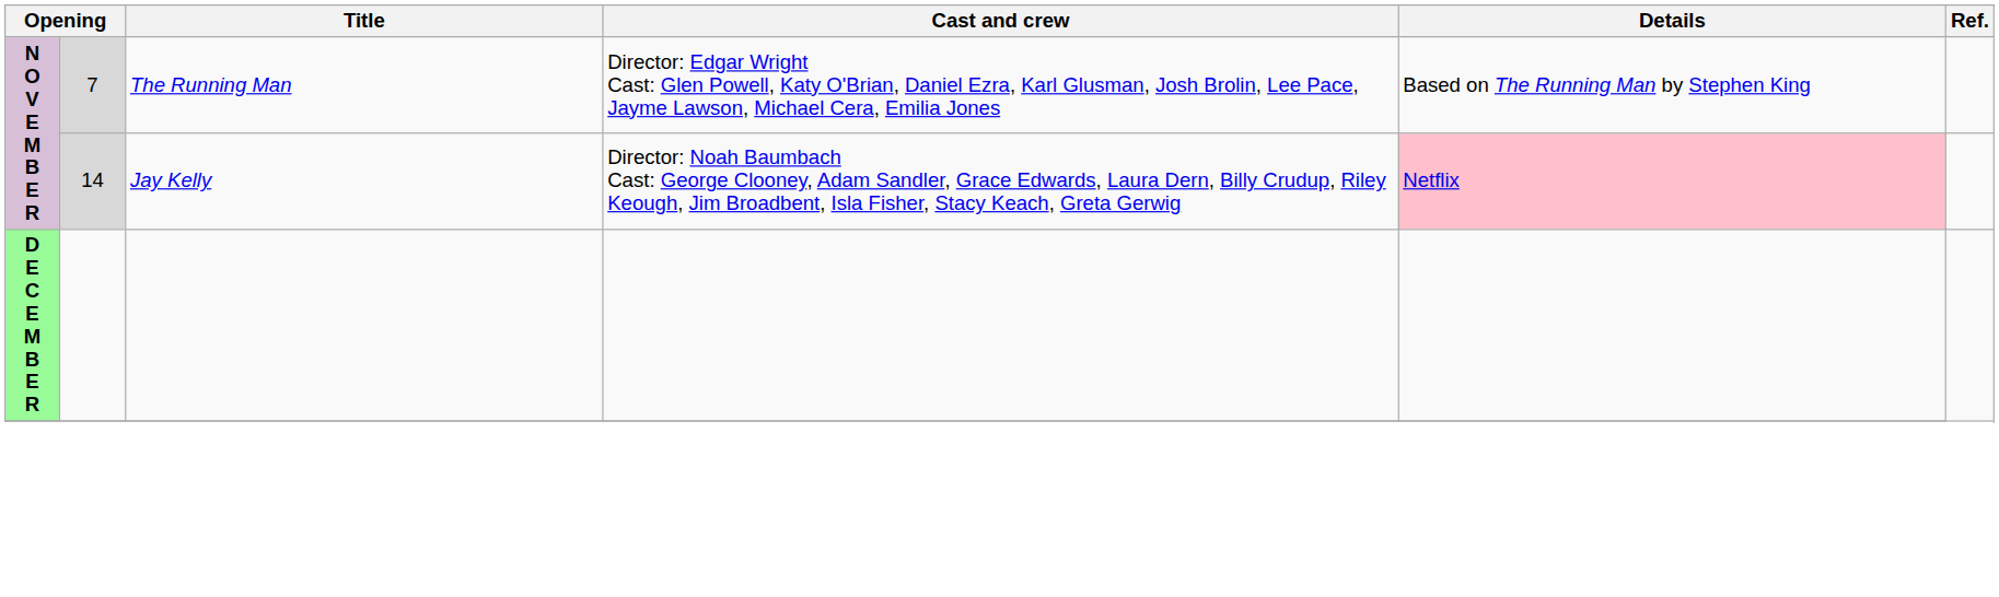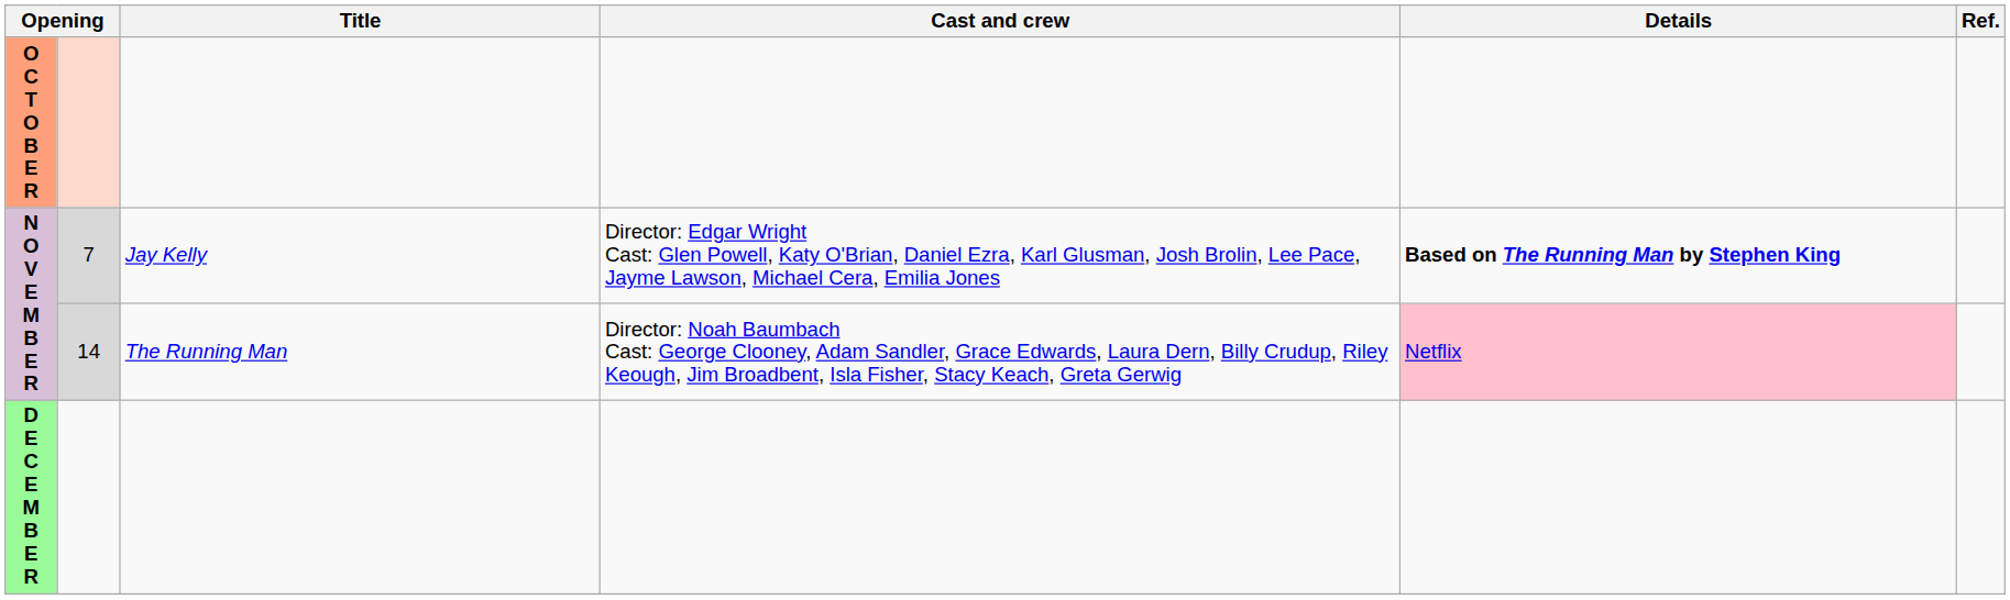 <table class="wikitable">
 <tr style="background:#b0e0e6; text-align:center;">
 <th colspan="2">Opening</th>
 <th style="width:24%;">Title</th>
 <th style="width:40%;">Cast and crew</th>
 <th>Details</th>
 <th style="width:2%;">Ref.</th>
 </tr>
 <tr>
+<th rowspan="1" style="text-align:center; background:#ffa07a; textcolor:#000;">O<br>C<br>T<br>O<br>B<br>E<br>R</th>
+<td rowspan="1" style="text-align:center; background:#ffdacc;"></td>
+<td></td>
+<td></td>
+<td></td>
+<td></td>
+</tr>
+<tr>
 <th rowspan="2" style="text-align:center; background:thistle; textcolor:#000;">N<br>O<br>V<br>E<br>M<br>B<br>E<br>R</th>
 <td rowspan="1" style="text-align:center; background:#d8d8d8;">7</td>
-<td><em><a href='#'>The Running Man</a></em></td>
+<td><em><a href='#'>Jay Kelly</a></em></td>
 <td>Director: <a href='#'>Edgar Wright</a> <br> Cast: <a href='#'>Glen Powell</a>, <a href='#'>Katy O'Brian</a>, <a href='#'>Daniel Ezra</a>, <a href='#'>Karl Glusman</a>, <a href='#'>Josh Brolin</a>, <a href='#'>Lee Pace</a>, <a href='#'>Jayme Lawson</a>, <a href='#'>Michael Cera</a>, <a href='#'>Emilia Jones</a></td>
-<td>Based on <em><a href='#'>The Running Man</a></em> by <a href='#'>Stephen King</a></td>
+<td><strong>Based on <em><a href='#'>The Running Man</a></em> by <a href='#'>Stephen King</a></strong></td>
 <td></td>
 </tr>
 <tr>
 <td rowspan="1" style="text-align:center; background:#d8d8d8;">14</td>
-<td><em><a href='#'>Jay Kelly</a></em></td>
+<td><em><a href='#'>The Running Man</a></em></td>
 <td>Director: <a href='#'>Noah Baumbach</a> <br> Cast: <a href='#'>George Clooney</a>, <a href='#'>Adam Sandler</a>, <a href='#'>Grace Edwards</a>, <a href='#'>Laura Dern</a>, <a href='#'>Billy Crudup</a>, <a href='#'>Riley Keough</a>, <a href='#'>Jim Broadbent</a>, <a href='#'>Isla Fisher</a>, <a href='#'>Stacy Keach</a>, <a href='#'>Greta Gerwig</a></td>
 <td style="background: pink;"><a href='#'>Netflix</a></td>
 <td></td>
 </tr>
 <tr>
 <th rowspan="1" style="text-align:center; background:#98fb98; textcolor:#000;">D<br>E<br>C<br>E<br>M<br>B<br>E<br>R</th>
 <td></td>
 <td></td>
 <td></td>
 <td></td>
 </tr>
 <tr>
 </tr>
 </table>
